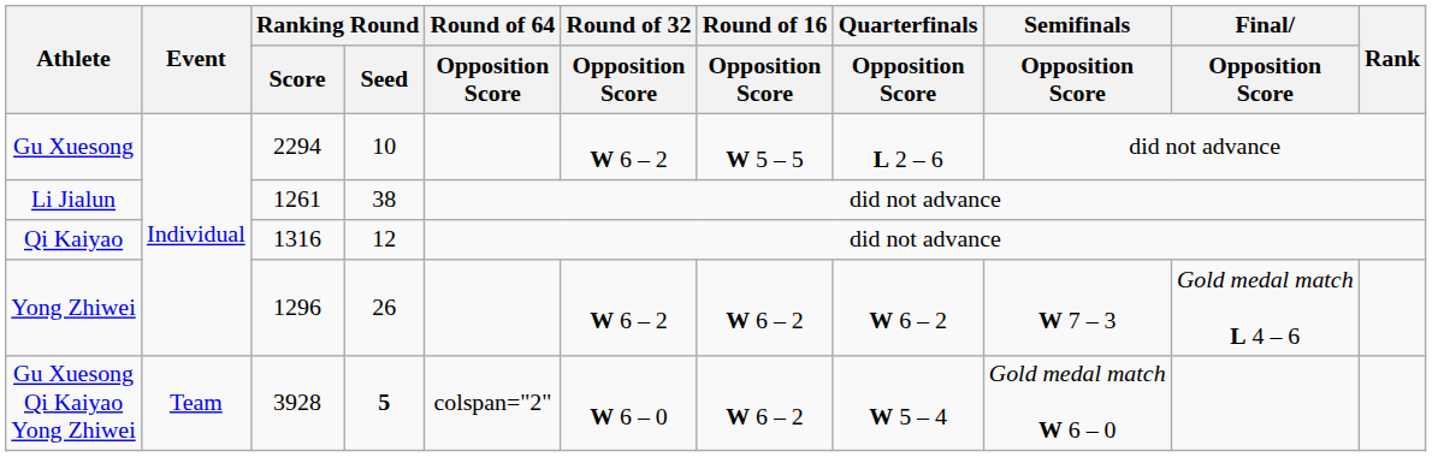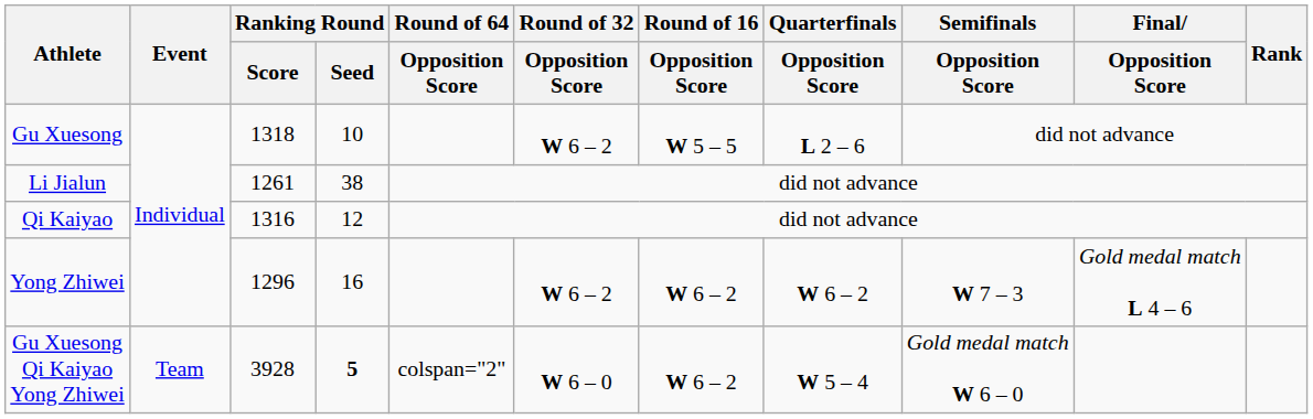 <table class="wikitable" style="font-size:90%">
 <tr>
 <th rowspan=2>Athlete</th>
 <th rowspan=2>Event</th>
 <th colspan=2>Ranking Round</th>
 <th>Round of 64</th>
 <th>Round of 32</th>
 <th>Round of 16</th>
 <th>Quarterfinals</th>
 <th>Semifinals</th>
 <th>Final/</th>
 <th rowspan=2>Rank</th>
 </tr>
 <tr>
 <th>Score</th>
 <th>Seed</th>
 <th>Opposition<br>Score</th>
 <th>Opposition<br>Score</th>
 <th>Opposition<br>Score</th>
 <th>Opposition<br>Score</th>
 <th>Opposition<br>Score</th>
 <th>Opposition<br>Score</th>
 </tr>
 <tr align=center>
 <td><a href='#'>Gu Xuesong</a></td>
 <td rowspan=4><a href='#'>Individual</a></td>
-<td>2294</td>
+<td>1318</td>
 <td>10</td>
 <td></td>
 <td><br><strong>W</strong> 6 – 2</td>
 <td><br><strong>W</strong> 5 – 5</td>
 <td><br><strong>L</strong> 2 – 6</td>
 <td colspan=3>did not advance</td>
 </tr>
 <tr align=center>
 <td><a href='#'>Li Jialun</a></td>
 <td>1261</td>
 <td>38</td>
 <td colspan=7>did not advance</td>
 </tr>
 <tr align=center>
 <td><a href='#'>Qi Kaiyao</a></td>
 <td>1316</td>
 <td>12</td>
 <td colspan=7>did not advance</td>
 </tr>
 <tr align=center>
 <td><a href='#'>Yong Zhiwei</a></td>
 <td>1296</td>
-<td>26</td>
+<td>16</td>
 <td></td>
 <td><br><strong>W</strong> 6 – 2</td>
 <td><br><strong>W</strong> 6 – 2</td>
 <td><br><strong>W</strong> 6 – 2</td>
 <td><br><strong>W</strong> 7 – 3</td>
 <td><em>Gold medal match</em><br><br><strong>L</strong> 4 – 6</td>
 <td></td>
 </tr>
 <tr align=center>
 <td><a href='#'>Gu Xuesong</a><br><a href='#'>Qi Kaiyao</a><br><a href='#'>Yong Zhiwei</a></td>
 <td><a href='#'>Team</a></td>
 <td>3928</td>
 <td><strong>5</strong></td>
 <td>colspan="2" </td>
 <td><br><strong>W</strong> 6 – 0</td>
 <td><br><strong>W</strong> 6 – 2</td>
 <td><br><strong>W</strong> 5 – 4</td>
 <td><em>Gold medal match</em><br><br><strong>W</strong> 6 – 0</td>
 <td></td>
 </tr>
 </table>
